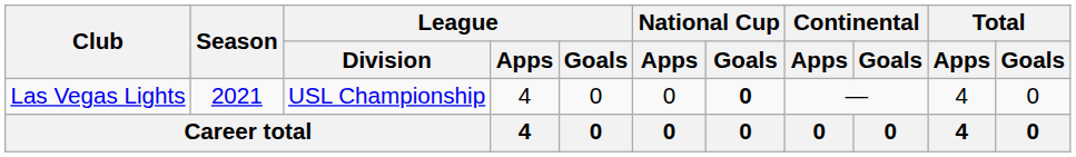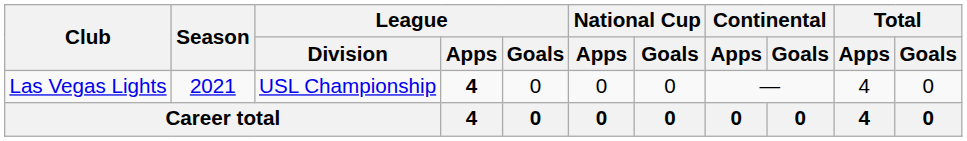 <table class=wikitable style=text-align:center>
 <tr>
 <th rowspan=2>Club</th>
 <th rowspan=2>Season</th>
 <th colspan=3>League</th>
 <th colspan=2>National Cup</th>
 <th colspan=2>Continental</th>
 <th colspan=2>Total</th>
 </tr>
 <tr>
 <th>Division</th>
 <th>Apps</th>
 <th>Goals</th>
 <th>Apps</th>
 <th>Goals</th>
 <th>Apps</th>
 <th>Goals</th>
 <th>Apps</th>
 <th>Goals</th>
 </tr>
 <tr>
 <td rowspan=1><a href='#'>Las Vegas Lights</a></td>
 <td><a href='#'>2021</a></td>
 <td><a href='#'>USL Championship</a></td>
-<td>4</td>
+<td><strong>4</strong></td>
 <td>0</td>
 <td>0</td>
-<td><strong>0</strong></td>
+<td>0</td>
 <td colspan=2>—</td>
 <td>4</td>
 <td>0</td>
 </tr>
 <tr>
 <th colspan=3>Career total</th>
 <th>4</th>
 <th>0</th>
 <th>0</th>
 <th>0</th>
 <th>0</th>
 <th>0</th>
 <th>4</th>
 <th>0</th>
 </tr>
 </table>
